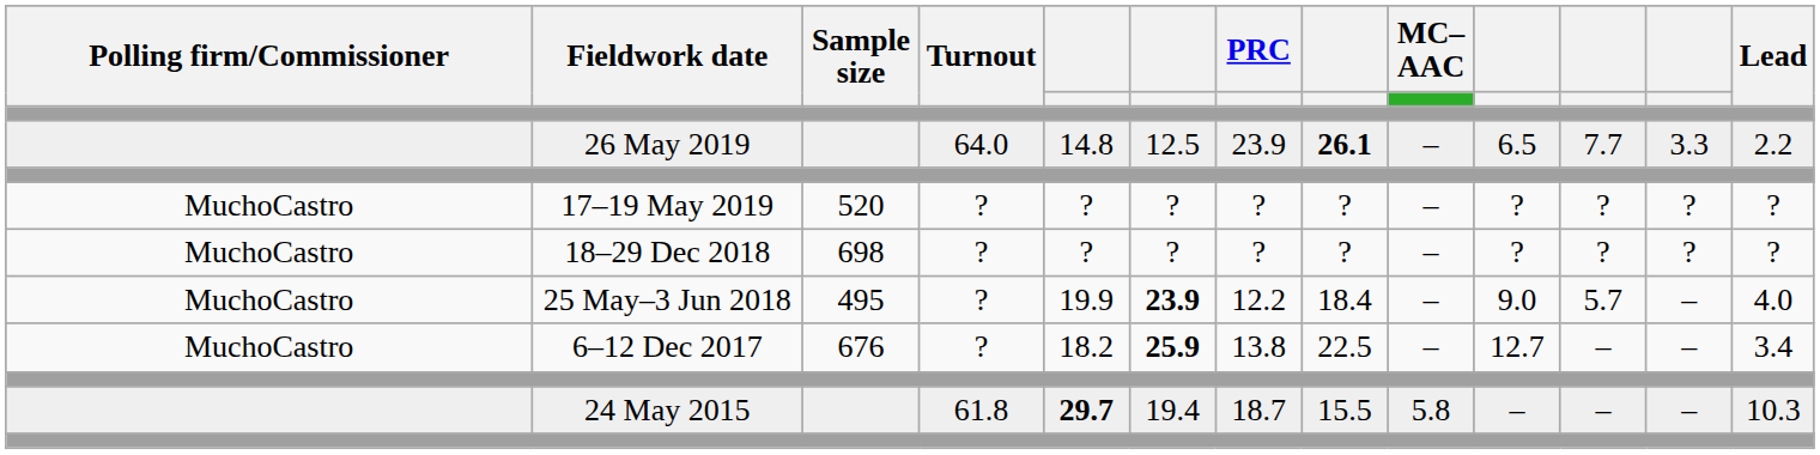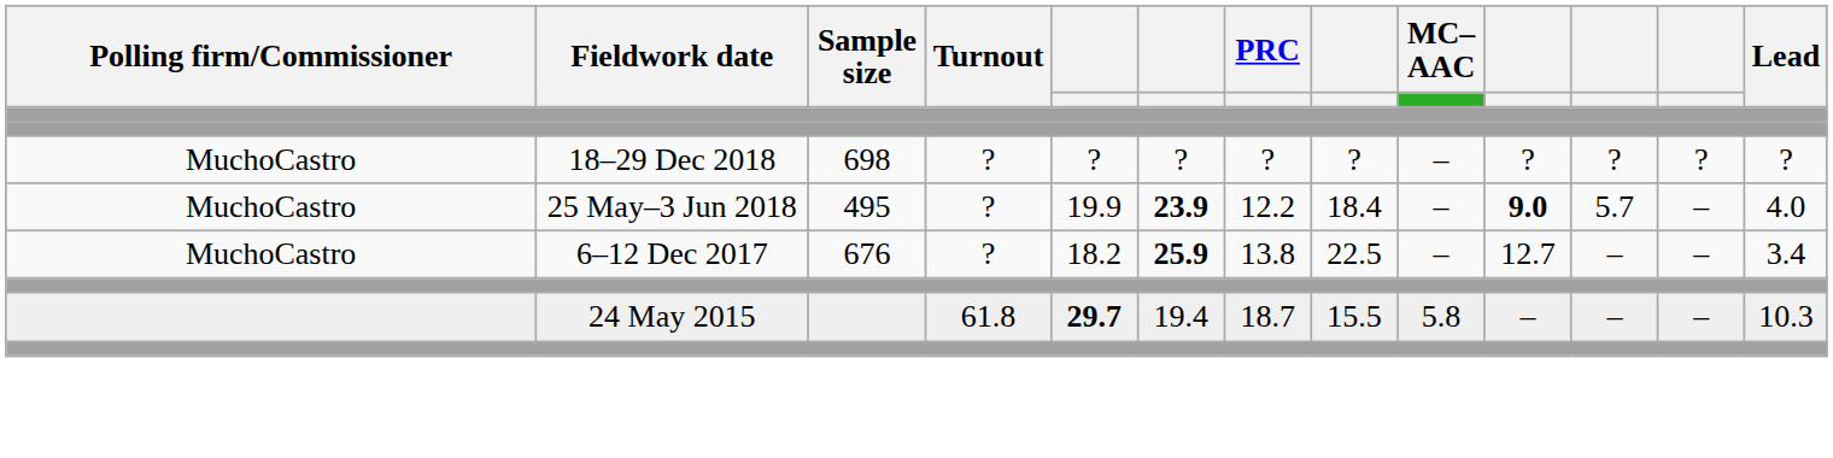 <table class="wikitable collapsible collapsed" style="text-align:center; font-size:95%; line-height:16px;">
 <tr style="height:42px;">
 <th style="width:250px;" rowspan="2">Polling firm/Commissioner</th>
 <th style="width:125px;" rowspan="2">Fieldwork date</th>
 <th style="width:50px;" rowspan="2">Sample size</th>
 <th style="width:45px;" rowspan="2">Turnout</th>
 <th style="width:35px;"></th>
 <th style="width:35px;"></th>
 <th style="width:35px;"><a href='#'>PRC</a></th>
 <th style="width:35px;"></th>
 <th style="width:35px;">MC–<br>AAC</th>
 <th style="width:35px;"></th>
 <th style="width:35px;"></th>
 <th style="width:35px;"></th>
 <th style="width:30px;" rowspan="2">Lead</th>
 </tr>
 <tr>
 <th style="color:inherit;background:"></th>
 <th style="color:inherit;background:"></th>
 <th style="color:inherit;background:"></th>
 <th style="color:inherit;background:"></th>
 <th style="color:inherit;background:#2BAD29;"></th>
 <th style="color:inherit;background:"></th>
 <th style="color:inherit;background:"></th>
 <th style="color:inherit;background:"></th>
 </tr>
 <tr>
 <td colspan="13" style="background:#A0A0A0"></td>
 </tr>
-<tr style="background:#EFEFEF;">
-<td><strong></strong></td>
-<td>26 May 2019</td>
-<td></td>
-<td>64.0</td>
-<td>14.8<br></td>
-<td>12.5<br></td>
-<td>23.9<br></td>
-<td><strong>26.1</strong><br></td>
-<td>–</td>
-<td>6.5<br></td>
-<td>7.7<br></td>
-<td>3.3<br></td>
-<td style="background:">2.2</td>
-</tr>
 <tr>
 <td colspan="13" style="background:#A0A0A0"></td>
-</tr>
-<tr>
-<td>MuchoCastro</td>
-<td>17–19 May 2019</td>
-<td>520</td>
-<td>?</td>
-<td>?<br></td>
-<td>?<br></td>
-<td>?<br></td>
-<td>?<br></td>
-<td>–</td>
-<td>?<br></td>
-<td>?<br></td>
-<td>?<br></td>
-<td style="background:">?</td>
 </tr>
 <tr>
 <td>MuchoCastro</td>
 <td>18–29 Dec 2018</td>
 <td>698</td>
 <td>?</td>
 <td>?<br></td>
 <td>?<br></td>
 <td>?<br></td>
 <td>?<br></td>
 <td>–</td>
 <td>?<br></td>
 <td>?<br></td>
 <td>?<br></td>
 <td style="background:">?</td>
 </tr>
 <tr>
 <td>MuchoCastro</td>
 <td>25 May–3 Jun 2018</td>
 <td>495</td>
 <td>?</td>
 <td>19.9<br></td>
 <td><strong>23.9</strong><br></td>
 <td>12.2<br></td>
 <td>18.4<br></td>
 <td>–</td>
-<td>9.0<br></td>
+<td><strong>9.0<br></strong></td>
 <td>5.7<br></td>
 <td>–</td>
 <td style="background:">4.0</td>
 </tr>
 <tr>
 <td>MuchoCastro</td>
 <td>6–12 Dec 2017</td>
 <td>676</td>
 <td>?</td>
 <td>18.2<br></td>
 <td><strong>25.9</strong><br></td>
 <td>13.8<br></td>
 <td>22.5<br></td>
 <td>–</td>
 <td>12.7<br></td>
 <td>–</td>
 <td>–</td>
 <td style="background:">3.4</td>
 </tr>
 <tr>
 <td colspan="13" style="background:#A0A0A0"></td>
 </tr>
 <tr style="background:#EFEFEF;">
 <td><strong></strong></td>
 <td>24 May 2015</td>
 <td></td>
 <td>61.8</td>
 <td><strong>29.7</strong><br></td>
 <td>19.4<br></td>
 <td>18.7<br></td>
 <td>15.5<br></td>
 <td>5.8<br></td>
 <td>–</td>
 <td>–</td>
 <td>–</td>
 <td style="background:">10.3</td>
 </tr>
 <tr>
 <td colspan="13" style="background:#A0A0A0"></td>
 </tr>
 </table>
